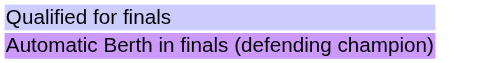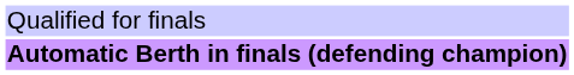 <table>
 <tr bgcolor="CCCCFF">
 <td>Qualified for finals</td>
 </tr>
 <tr bgcolor="CC99FF">
-<td>Automatic Berth in finals (defending champion)</td>
+<td><strong>Automatic Berth in finals (defending champion)</strong></td>
 </tr>
 </table>
